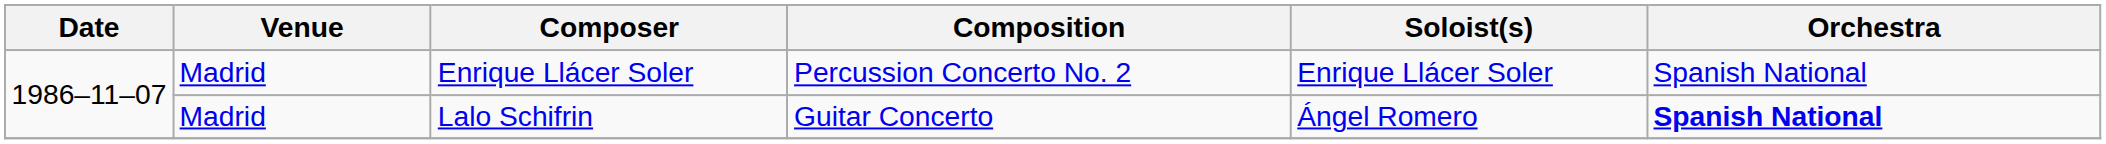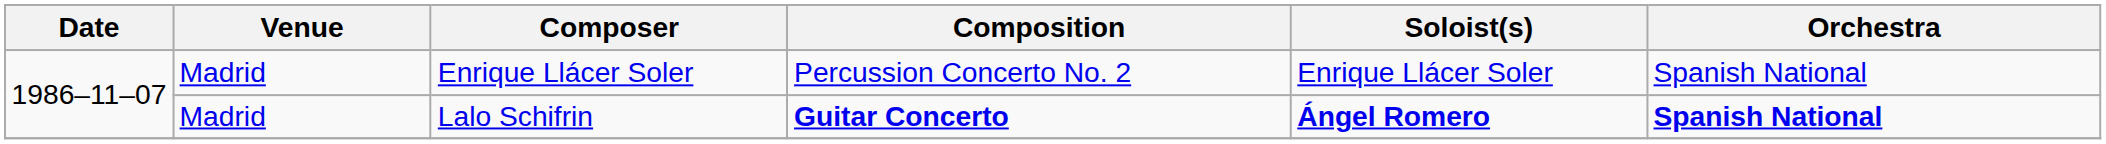 <table class="wikitable" style="font-size:90%">
 <tr>
 <th>Date</th>
 <th width=125px>Venue</th>
 <th width=175px>Composer</th>
 <th width=250px>Composition</th>
 <th width=175px>Soloist(s)</th>
 <th width=225px>Orchestra</th>
 </tr>
 <tr>
 <td rowspan=2>1986–11–07 </td>
 <td><a href='#'>Madrid</a></td>
 <td><a href='#'>Enrique Llácer Soler</a></td>
 <td><a href='#'>Percussion Concerto No. 2</a></td>
 <td><a href='#'>Enrique Llácer Soler</a></td>
 <td><a href='#'>Spanish National</a></td>
 </tr>
 <tr>
 <td><a href='#'>Madrid</a></td>
 <td><a href='#'>Lalo Schifrin</a></td>
-<td><a href='#'>Guitar Concerto</a></td>
-<td><a href='#'>Ángel Romero</a></td>
+<td><strong><a href='#'>Guitar Concerto</a></strong></td>
+<td><strong><a href='#'>Ángel Romero</a></strong></td>
 <td><strong><a href='#'>Spanish National</a></strong></td>
 </tr>
 <tr>
 </tr>
 </table>
